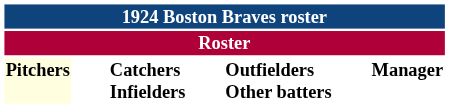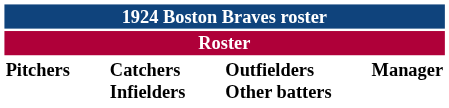 <table class="toccolours" style="font-size: 95%;">
 <tr>
 <th colspan="10" style="background-color: #0f437c; color: white; text-align: center;">1924 Boston Braves roster</th>
 </tr>
 <tr>
 <td colspan="10" style="background-color:#af0039; color: white; text-align: center;"><strong>Roster</strong></td>
 </tr>
 <tr>
-<td valign="top" style="background: lightyellow;"><strong>Pitchers</strong><br>              </td>
+<td valign="top"><strong>Pitchers</strong><br>              </td>
 <td width="25px"></td>
 <td valign="top"><strong>Catchers</strong><br>     <strong>Infielders</strong>       </td>
 <td width="25px"></td>
 <td valign="top"><strong>Outfielders</strong><br>        <strong>Other batters</strong>    </td>
 <td width="25px"></td>
 <td valign="top"><strong>Manager</strong><br></td>
 </tr>
 </table>
